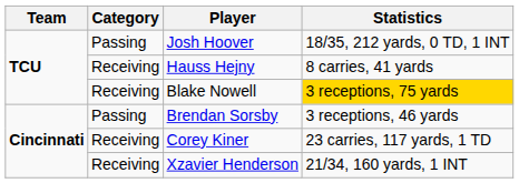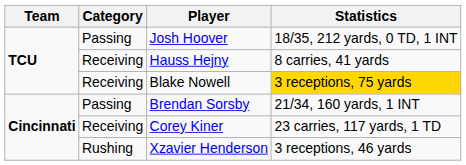 <table class="wikitable" style="float: right;">
 <tr>
 <th>Team</th>
 <th>Category</th>
 <th>Player</th>
 <th>Statistics</th>
 </tr>
 <tr>
 <td rowspan=3><strong>TCU</strong></td>
 <td>Passing</td>
 <td><a href='#'>Josh Hoover</a></td>
 <td>18/35, 212 yards, 0 TD, 1 INT</td>
 </tr>
 <tr>
 <td>Receiving</td>
 <td><a href='#'>Hauss Hejny</a></td>
 <td>8 carries, 41 yards</td>
 </tr>
 <tr>
 <td>Receiving</td>
 <td>Blake Nowell</td>
 <td style="background: gold;">3 receptions, 75 yards</td>
 </tr>
 <tr>
 <td rowspan=3><strong>Cincinnati</strong></td>
 <td>Passing</td>
 <td><a href='#'>Brendan Sorsby</a></td>
-<td>3 receptions, 46 yards</td>
+<td>21/34, 160 yards, 1 INT</td>
 </tr>
 <tr>
 <td>Receiving</td>
 <td><a href='#'>Corey Kiner</a></td>
 <td>23 carries, 117 yards, 1 TD</td>
 </tr>
 <tr>
-<td>Receiving</td>
+<td>Rushing</td>
 <td><a href='#'>Xzavier Henderson</a></td>
-<td>21/34, 160 yards, 1 INT</td>
+<td>3 receptions, 46 yards</td>
 </tr>
 </table>
